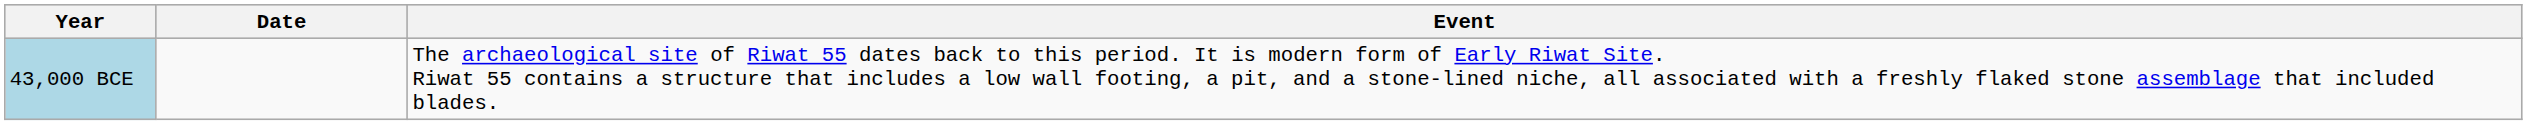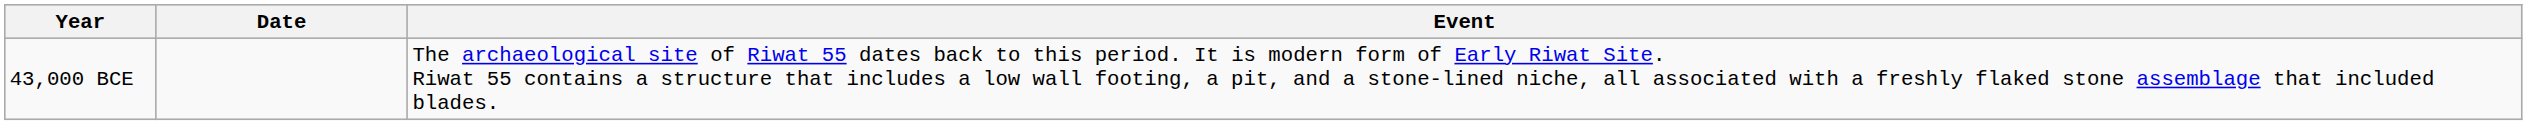 <table class="wikitable" style="width:100%">
 <tr>
 <th style="width:6%">Year</th>
 <th style="width:10%">Date</th>
 <th>Event</th>
 </tr>
 <tr>
-<td style="background: lightblue;">43,000 BCE</td>
+<td>43,000 BCE</td>
 <td></td>
 <td>The <a href='#'>archaeological site</a> of <a href='#'>Riwat 55</a> dates back to this period. It is modern form of <a href='#'>Early Riwat Site</a>.<br>Riwat 55 contains a structure that includes a low wall footing, a pit, and a stone-lined niche, all associated with a freshly flaked stone <a href='#'>assemblage</a> that included blades.</td>
 </tr>
 </table>
